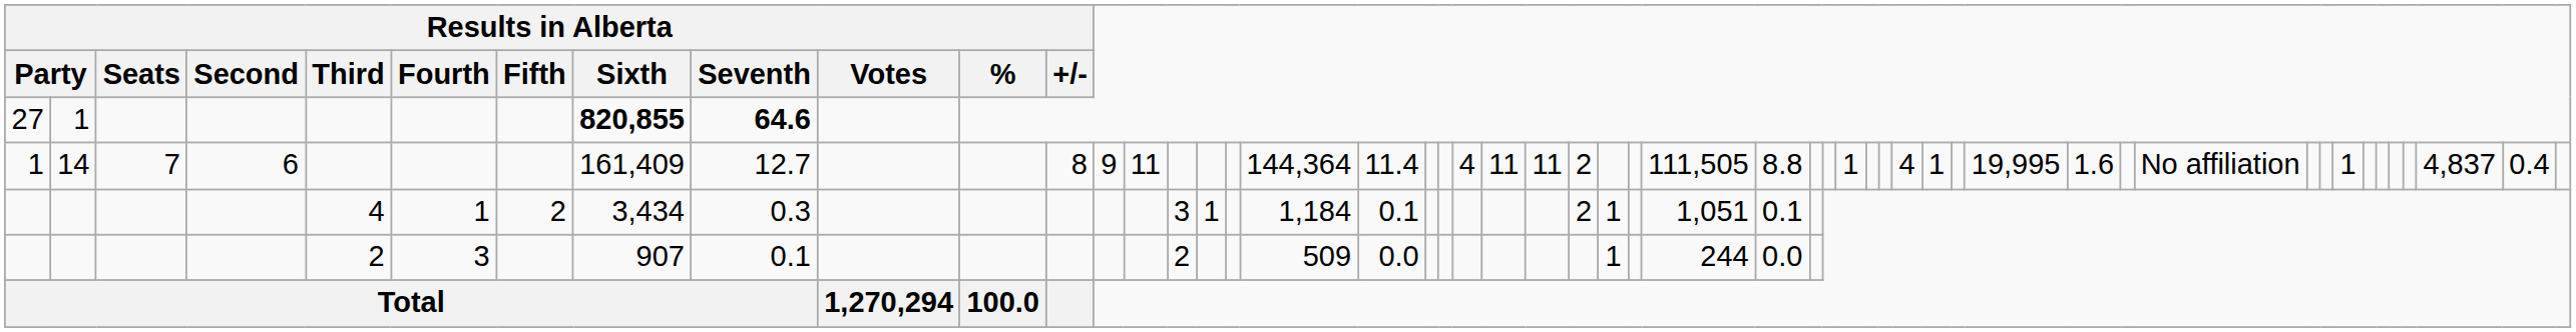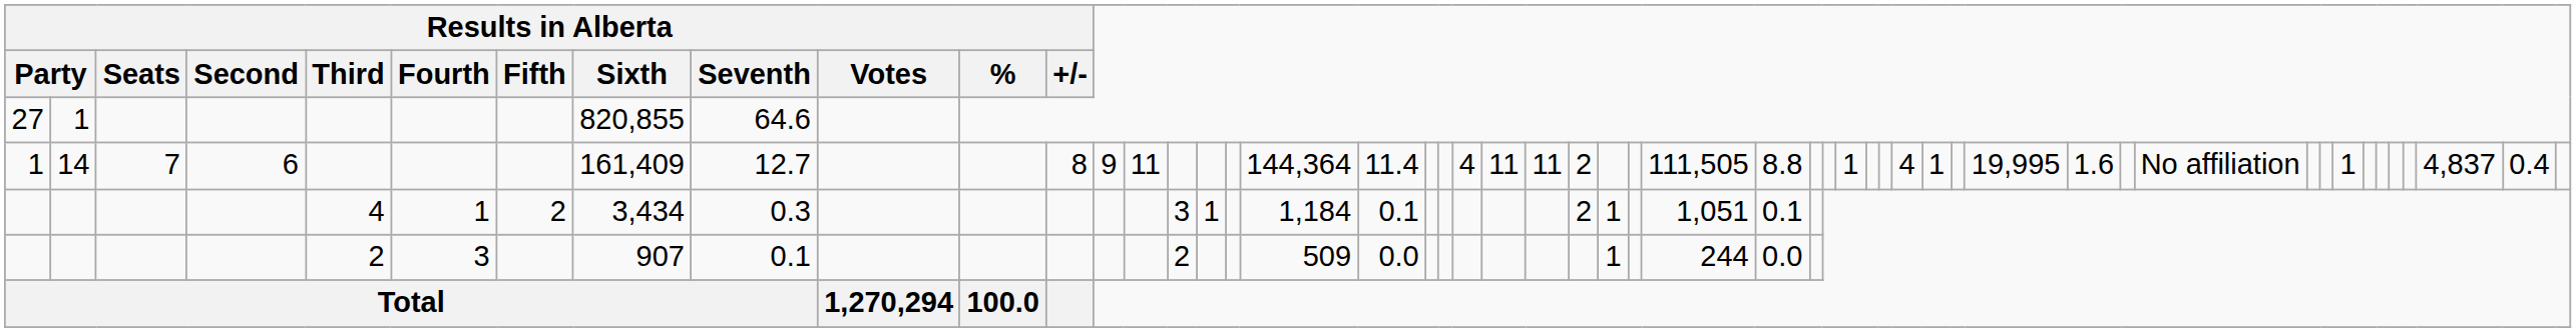 <table class="wikitable">
 <tr>
 <th align="center" colspan=12>Results in Alberta</th>
 </tr>
 <tr>
 <th align="centre" colspan=2>Party</th>
 <th align="right">Seats</th>
 <th align="right">Second</th>
 <th align="right">Third</th>
 <th align="right">Fourth</th>
 <th align="right">Fifth</th>
 <th align="right">Sixth</th>
 <th align="right">Seventh</th>
 <th align="right">Votes</th>
 <th align="right">%</th>
 <th align="right">+/-</th>
 </tr>
 <tr>
 <td align="right">27</td>
 <td align="right">1</td>
 <td align="right"></td>
 <td align="right"></td>
 <td align="right"></td>
 <td align="right"></td>
 <td align="right"></td>
-<td align="right"><strong>820,855</strong></td>
-<td align="right"><strong>64.6</strong></td>
+<td align="right">820,855</td>
+<td align="right">64.6</td>
 <td align="right"></td>
 </tr>
 <tr>
 <td align="right">1</td>
 <td align="right">14</td>
 <td align="right">7</td>
 <td align="right">6</td>
 <td align="right"></td>
 <td align="right"></td>
 <td align="right"></td>
 <td align="right">161,409</td>
 <td align="right">12.7</td>
 <td align="right"><br></td>
 <td align="right"></td>
 <td align="right">8</td>
 <td align="right">9</td>
 <td align="right">11</td>
 <td align="right"></td>
 <td align="right"></td>
 <td align="right"></td>
 <td align="right">144,364</td>
 <td align="right">11.4</td>
 <td align="right"><br></td>
 <td align="right"></td>
 <td align="right">4</td>
 <td align="right">11</td>
 <td align="right">11</td>
 <td align="right">2</td>
 <td align="right"></td>
 <td align="right"></td>
 <td align="right">111,505</td>
 <td align="right">8.8</td>
 <td align="right"><br></td>
 <td align="right"></td>
 <td align="right">1</td>
 <td align="right"></td>
 <td align="right"></td>
 <td align="right">4</td>
 <td align="right">1</td>
 <td align="right"></td>
 <td align="right">19,995</td>
 <td align="right">1.6</td>
 <td align="right"><br></td>
 <td>No affiliation</td>
 <td align="right"></td>
 <td align="right"></td>
 <td align="right">1</td>
 <td align="right"></td>
 <td align="right"></td>
 <td align="right"></td>
 <td align="right"></td>
 <td align="right">4,837</td>
 <td align="right">0.4</td>
 <td align="right"></td>
 </tr>
 <tr>
 <td align="right"></td>
 <td align="right"></td>
 <td align="right"></td>
 <td align="right"></td>
 <td align="right">4</td>
 <td align="right">1</td>
 <td align="right">2</td>
 <td align="right">3,434</td>
 <td align="right">0.3</td>
 <td align="right"><br></td>
 <td align="right"></td>
 <td align="right"></td>
 <td align="right"></td>
 <td align="right"></td>
 <td align="right">3</td>
 <td align="right">1</td>
 <td align="right"></td>
 <td align="right">1,184</td>
 <td align="right">0.1</td>
 <td align="right"><br></td>
 <td align="right"></td>
 <td align="right"></td>
 <td align="right"></td>
 <td align="right"></td>
 <td align="right">2</td>
 <td align="right">1</td>
 <td align="right"></td>
 <td align="right">1,051</td>
 <td align="right">0.1</td>
 <td align="right"></td>
 </tr>
 <tr>
 <td align="right"></td>
 <td align="right"></td>
 <td align="right"></td>
 <td align="right"></td>
 <td align="right">2</td>
 <td align="right">3</td>
 <td align="right"></td>
 <td align="right">907</td>
 <td align="right">0.1</td>
 <td align="right"><br></td>
 <td align="right"></td>
 <td align="right"></td>
 <td align="right"></td>
 <td align="right"></td>
 <td align="right">2</td>
 <td align="right"></td>
 <td align="right"></td>
 <td align="right">509</td>
 <td align="right">0.0</td>
 <td align="right"><br></td>
 <td align="right"></td>
 <td align="right"></td>
 <td align="right"></td>
 <td align="right"></td>
 <td align="right"></td>
 <td align="right">1</td>
 <td align="right"></td>
 <td align="right">244</td>
 <td align="right">0.0</td>
 <td align="right"></td>
 </tr>
 <tr bgcolor="white">
 <th align="left" colspan=9>Total</th>
 <th align="right">1,270,294</th>
 <th align="right">100.0</th>
 <th align="right"></th>
 </tr>
 </table>
